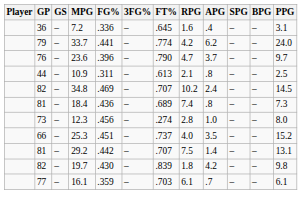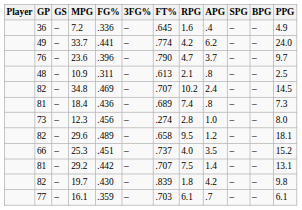 <table class="wikitable sortable" style="font-size: 90%">
 <tr>
 <th>Player</th>
 <th>GP</th>
 <th>GS</th>
 <th>MPG</th>
 <th>FG%</th>
 <th>3FG%</th>
 <th>FT%</th>
 <th>RPG</th>
 <th>APG</th>
 <th>SPG</th>
 <th>BPG</th>
 <th>PPG</th>
 </tr>
 <tr>
 <td></td>
 <td>36</td>
 <td>–</td>
 <td>7.2</td>
 <td>.336</td>
 <td>–</td>
 <td>.645</td>
 <td>1.6</td>
 <td>.4</td>
 <td>–</td>
 <td>–</td>
-<td>3.1</td>
+<td>4.9</td>
 </tr>
 <tr>
 <td></td>
-<td>79</td>
+<td>49</td>
 <td>–</td>
 <td>33.7</td>
 <td>.441</td>
 <td>–</td>
 <td>.774</td>
 <td>4.2</td>
 <td>6.2</td>
 <td>–</td>
 <td>–</td>
 <td>24.0</td>
 </tr>
 <tr>
 <td></td>
 <td>76</td>
 <td>–</td>
 <td>23.6</td>
 <td>.396</td>
 <td>–</td>
 <td>.790</td>
 <td>4.7</td>
 <td>3.7</td>
 <td>–</td>
 <td>–</td>
 <td>9.7</td>
 </tr>
 <tr>
 <td></td>
-<td>44</td>
+<td>48</td>
 <td>–</td>
 <td>10.9</td>
 <td>.311</td>
 <td>–</td>
 <td>.613</td>
 <td>2.1</td>
 <td>.8</td>
 <td>–</td>
 <td>–</td>
 <td>2.5</td>
 </tr>
 <tr>
 <td></td>
 <td>82</td>
 <td>–</td>
 <td>34.8</td>
 <td>.469</td>
 <td>–</td>
 <td>.707</td>
 <td>10.2</td>
 <td>2.4</td>
 <td>–</td>
 <td>–</td>
 <td>14.5</td>
 </tr>
 <tr>
 <td></td>
 <td>81</td>
 <td>–</td>
 <td>18.4</td>
 <td>.436</td>
 <td>–</td>
 <td>.689</td>
 <td>7.4</td>
 <td>.8</td>
 <td>–</td>
 <td>–</td>
 <td>7.3</td>
 </tr>
 <tr>
 <td></td>
 <td>73</td>
 <td>–</td>
 <td>12.3</td>
 <td>.456</td>
 <td>–</td>
 <td>.274</td>
 <td>2.8</td>
 <td>1.0</td>
 <td>–</td>
 <td>–</td>
 <td>8.0</td>
+</tr>
+<tr>
+<td></td>
+<td>82</td>
+<td>–</td>
+<td>29.6</td>
+<td>.489</td>
+<td>–</td>
+<td>.658</td>
+<td>9.5</td>
+<td>1.2</td>
+<td>–</td>
+<td>–</td>
+<td>18.1</td>
 </tr>
 <tr>
 <td></td>
 <td>66</td>
 <td>–</td>
 <td>25.3</td>
 <td>.451</td>
 <td>–</td>
 <td>.737</td>
 <td>4.0</td>
 <td>3.5</td>
 <td>–</td>
 <td>–</td>
 <td>15.2</td>
 </tr>
 <tr>
 <td></td>
 <td>81</td>
 <td>–</td>
 <td>29.2</td>
 <td>.442</td>
 <td>–</td>
 <td>.707</td>
 <td>7.5</td>
 <td>1.4</td>
 <td>–</td>
 <td>–</td>
 <td>13.1</td>
 </tr>
 <tr>
 <td></td>
 <td>82</td>
 <td>–</td>
 <td>19.7</td>
 <td>.430</td>
 <td>–</td>
 <td>.839</td>
 <td>1.8</td>
 <td>4.2</td>
 <td>–</td>
 <td>–</td>
 <td>9.8</td>
 </tr>
 <tr>
 <td></td>
 <td>77</td>
 <td>–</td>
 <td>16.1</td>
 <td>.359</td>
 <td>–</td>
 <td>.703</td>
 <td>6.1</td>
 <td>.7</td>
 <td>–</td>
 <td>–</td>
 <td>6.1</td>
 </tr>
 </table>
